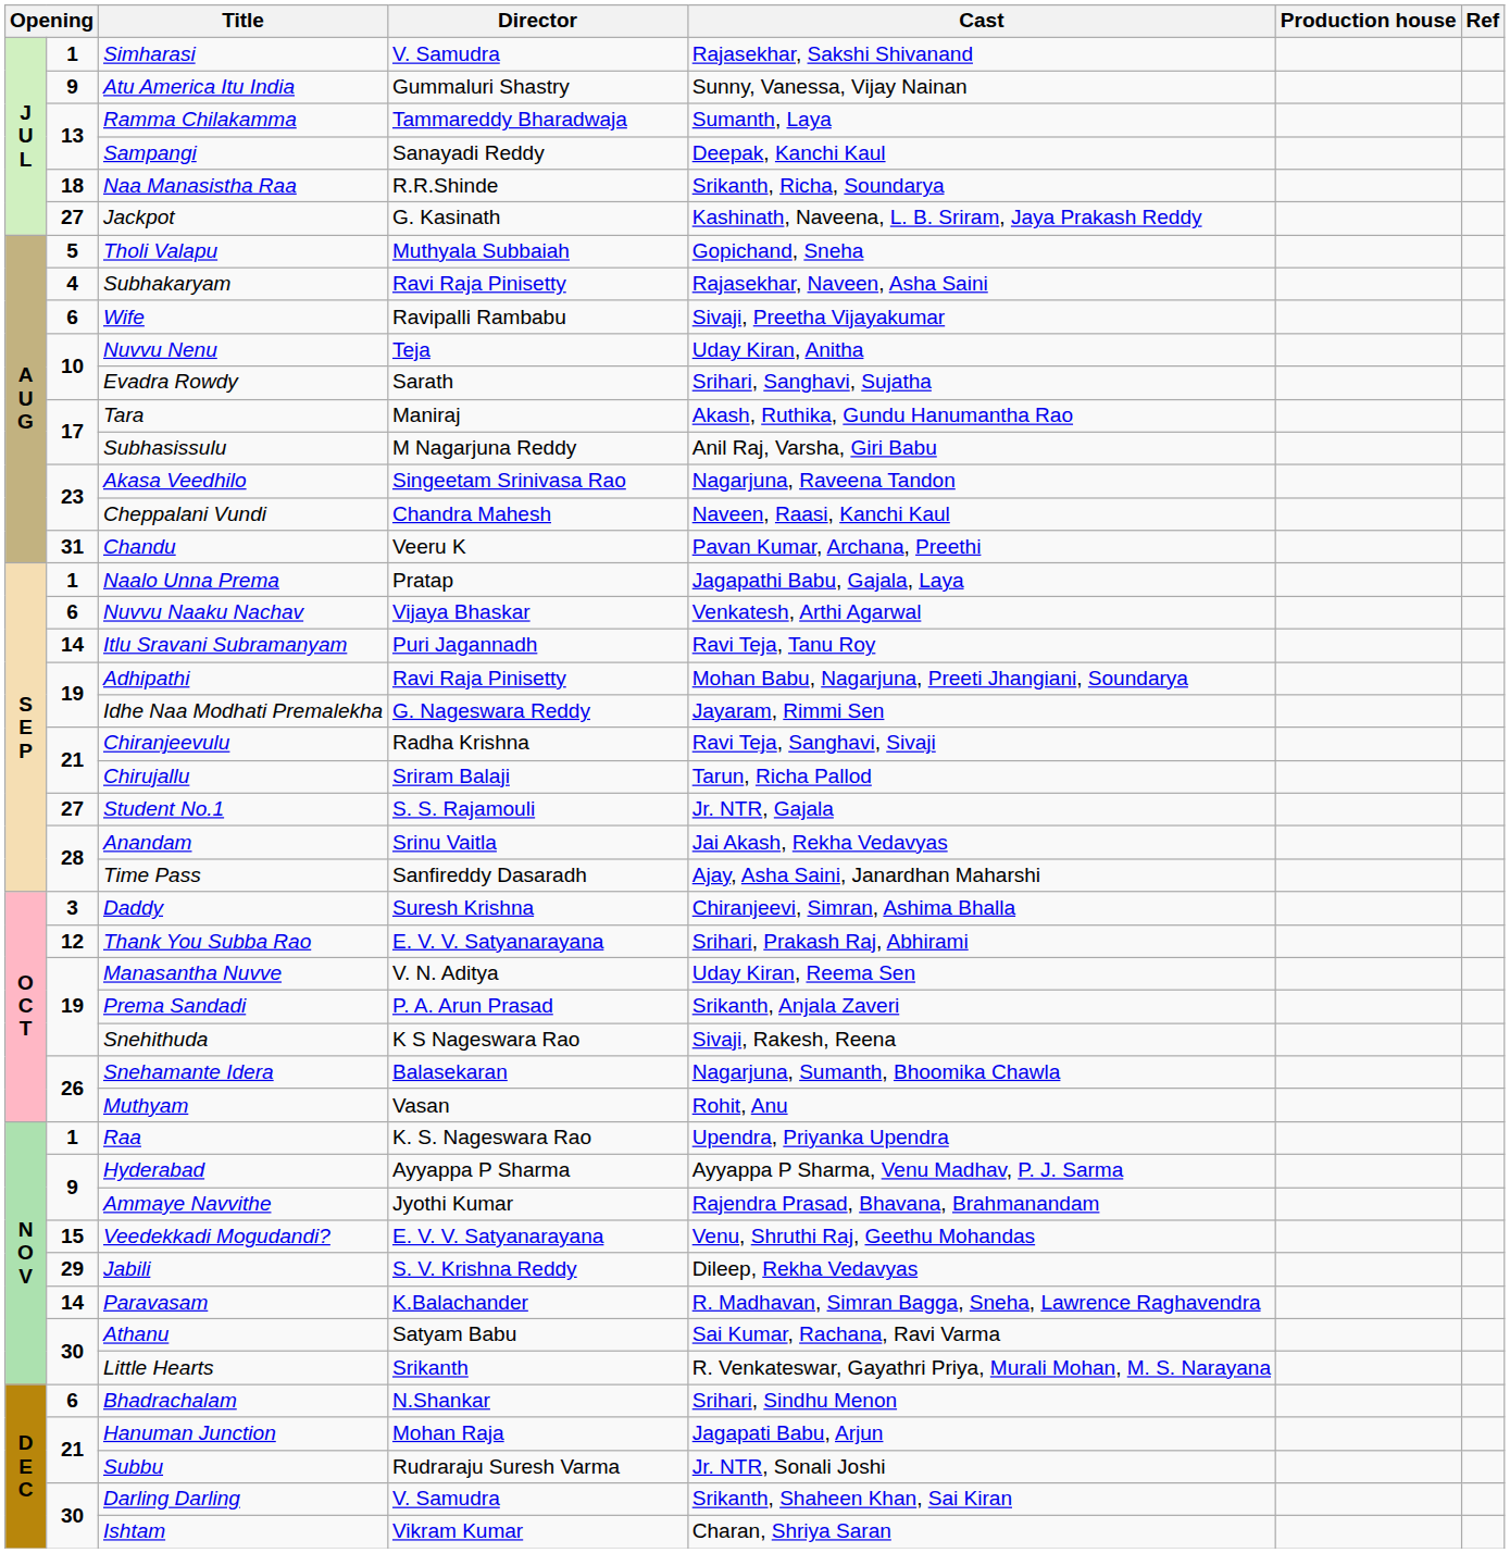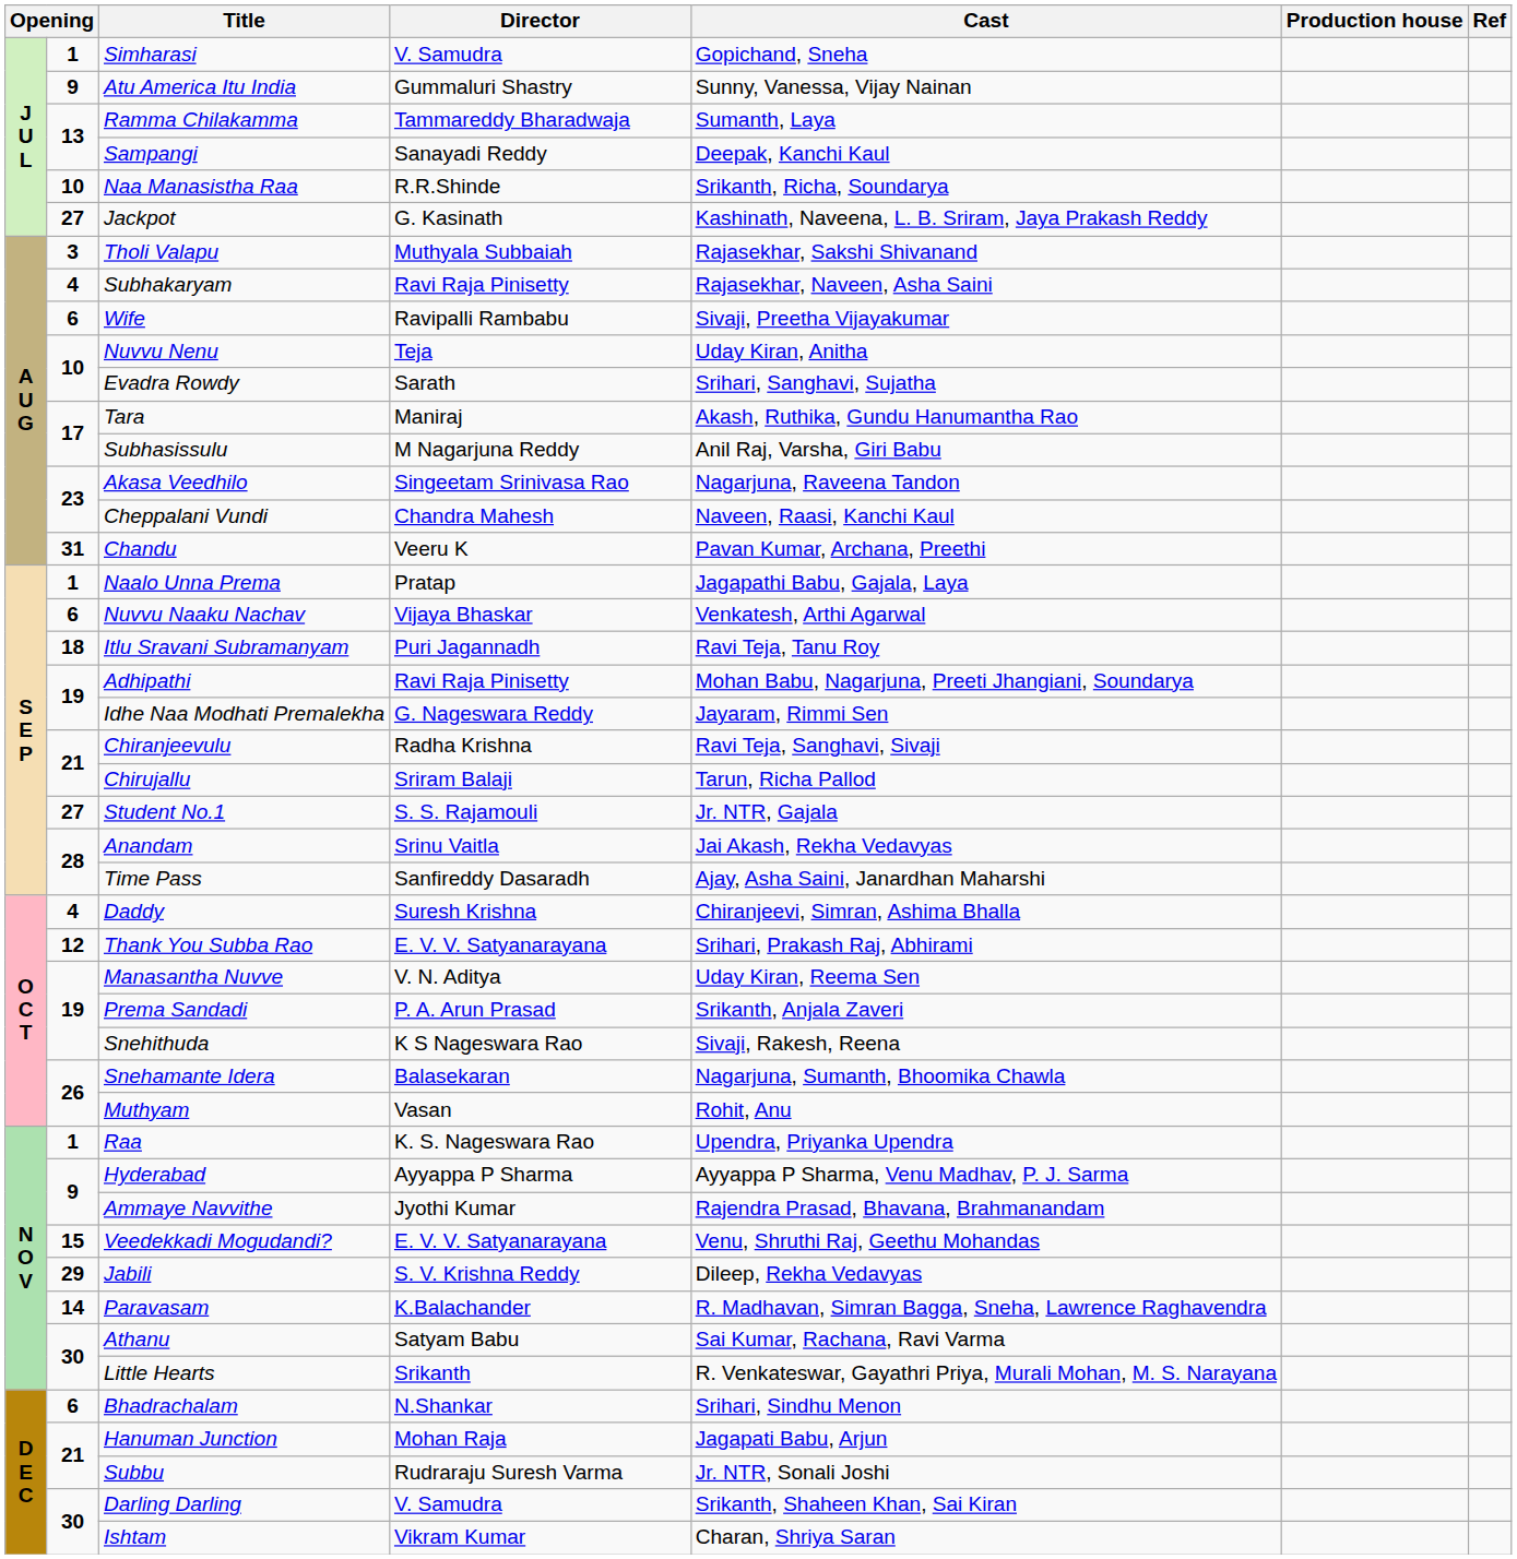 <table class="wikitable sortable">
 <tr style="background:#blue; text-align:center;">
 <th colspan="2">Opening</th>
 <th>Title</th>
 <th style="width:20%;"><strong>Director</strong></th>
 <th>Cast</th>
 <th>Production house</th>
 <th>Ref</th>
 </tr>
 <tr July!>
 <td rowspan="6" style="background:#d0f0c0; textcolor:#000;" valign="center" align="center"><strong>J<br>U<br>L</strong></td>
 <td rowspan="1" align="center"><strong>1</strong></td>
 <td><em><a href='#'>Simharasi</a></em></td>
 <td><a href='#'>V. Samudra</a></td>
-<td><a href='#'>Rajasekhar</a>, <a href='#'>Sakshi Shivanand</a></td>
+<td><a href='#'>Gopichand</a>, <a href='#'>Sneha</a></td>
 <td></td>
 <td></td>
 </tr>
 <tr>
 <td rowspan="1" align="center"><strong>9</strong></td>
 <td><em><a href='#'>Atu America Itu India</a></em></td>
 <td>Gummaluri Shastry</td>
 <td>Sunny, Vanessa, Vijay Nainan</td>
 <td></td>
 <td></td>
 </tr>
 <tr>
 <td rowspan="2" align="center"><strong>13</strong></td>
 <td><em><a href='#'>Ramma Chilakamma</a></em></td>
 <td><a href='#'>Tammareddy Bharadwaja</a></td>
 <td><a href='#'>Sumanth</a>, <a href='#'>Laya</a></td>
 <td></td>
 <td></td>
 </tr>
 <tr>
 <td><em><a href='#'>Sampangi</a></em></td>
 <td>Sanayadi Reddy</td>
 <td><a href='#'>Deepak</a>, <a href='#'>Kanchi Kaul</a></td>
 <td></td>
 <td></td>
 </tr>
 <tr>
-<td rowspan="1" align="center"><strong>18</strong></td>
+<td rowspan="1" align="center"><strong>10</strong></td>
 <td><em><a href='#'>Naa Manasistha Raa</a></em></td>
 <td>R.R.Shinde</td>
 <td><a href='#'>Srikanth</a>, <a href='#'>Richa</a>, <a href='#'>Soundarya</a></td>
 <td></td>
 <td></td>
 </tr>
 <tr>
 <td rowspan="1" align="center"><strong>27</strong></td>
 <td><em>Jackpot</em></td>
 <td>G. Kasinath</td>
 <td><a href='#'>Kashinath</a>, Naveena, <a href='#'>L. B. Sriram</a>, <a href='#'>Jaya Prakash Reddy</a></td>
 <td></td>
 <td></td>
 </tr>
 <tr August!>
 <td rowspan="10" style="background:#C2B280; textcolor:#000;" valign="center" align="center"><strong>A<br>U<br>G</strong></td>
-<td rowspan="1" align="center"><strong>5</strong></td>
+<td rowspan="1" align="center"><strong>3</strong></td>
 <td><em><a href='#'>Tholi Valapu</a></em></td>
 <td><a href='#'>Muthyala Subbaiah</a></td>
-<td><a href='#'>Gopichand</a>, <a href='#'>Sneha</a></td>
+<td><a href='#'>Rajasekhar</a>, <a href='#'>Sakshi Shivanand</a></td>
 <td></td>
 <td></td>
 </tr>
 <tr>
 <td rowspan="1" align="center"><strong>4</strong></td>
 <td><em>Subhakaryam</em></td>
 <td><a href='#'>Ravi Raja Pinisetty</a></td>
 <td><a href='#'>Rajasekhar</a>, <a href='#'>Naveen</a>, <a href='#'>Asha Saini</a></td>
 <td></td>
 <td></td>
 </tr>
 <tr>
 <td rowspan="1" align="center"><strong>6</strong></td>
 <td><em><a href='#'>Wife</a></em></td>
 <td>Ravipalli Rambabu</td>
 <td><a href='#'>Sivaji</a>, <a href='#'>Preetha Vijayakumar</a></td>
 <td></td>
 <td></td>
 </tr>
 <tr>
 <td rowspan="2" align="center"><strong>10</strong></td>
 <td><em><a href='#'>Nuvvu Nenu</a></em></td>
 <td><a href='#'>Teja</a></td>
 <td><a href='#'>Uday Kiran</a>, <a href='#'>Anitha</a></td>
 <td></td>
 <td></td>
 </tr>
 <tr>
 <td><em>Evadra Rowdy</em></td>
 <td>Sarath</td>
 <td><a href='#'>Srihari</a>, <a href='#'>Sanghavi</a>, <a href='#'>Sujatha</a></td>
 <td></td>
 <td></td>
 </tr>
 <tr>
 <td rowspan="2" align="center"><strong>17</strong></td>
 <td><em>Tara</em></td>
 <td>Maniraj</td>
 <td><a href='#'>Akash</a>, <a href='#'>Ruthika</a>, <a href='#'>Gundu Hanumantha Rao</a></td>
 <td></td>
 <td></td>
 </tr>
 <tr>
 <td><em>Subhasissulu</em></td>
 <td>M Nagarjuna Reddy</td>
 <td>Anil Raj, Varsha, <a href='#'>Giri Babu</a></td>
 <td></td>
 <td></td>
 </tr>
 <tr>
 <td rowspan="2" align="center"><strong>23</strong></td>
 <td><em><a href='#'>Akasa Veedhilo</a></em></td>
 <td><a href='#'>Singeetam Srinivasa Rao</a></td>
 <td><a href='#'>Nagarjuna</a>, <a href='#'>Raveena Tandon</a></td>
 <td></td>
 <td></td>
 </tr>
 <tr>
 <td><em>Cheppalani Vundi</em></td>
 <td><a href='#'>Chandra Mahesh</a></td>
 <td><a href='#'>Naveen</a>, <a href='#'>Raasi</a>, <a href='#'>Kanchi Kaul</a></td>
 <td></td>
 <td></td>
 </tr>
 <tr>
 <td rowspan="1" style="text-align:center;"><strong>31</strong></td>
 <td><a href='#'><em>Chandu</em></a></td>
 <td>Veeru K</td>
 <td><a href='#'>Pavan Kumar</a>, <a href='#'>Archana</a>, <a href='#'>Preethi</a></td>
 <td></td>
 <td></td>
 </tr>
 <tr September!>
 <td rowspan="10" style="background:#F5DEB3; textcolor:#000;" valign="center" align="center"><strong>S<br>E<br>P</strong></td>
 <td align="center"><strong>1</strong></td>
 <td><em><a href='#'>Naalo Unna Prema</a></em></td>
 <td>Pratap</td>
 <td><a href='#'>Jagapathi Babu</a>, <a href='#'>Gajala</a>, <a href='#'>Laya</a></td>
 <td></td>
 <td></td>
 </tr>
 <tr>
 <td rowspan="1" align="center"><strong>6</strong></td>
 <td><em><a href='#'>Nuvvu Naaku Nachav</a></em></td>
 <td><a href='#'>Vijaya Bhaskar</a></td>
 <td><a href='#'>Venkatesh</a>, <a href='#'>Arthi Agarwal</a></td>
 <td></td>
 <td></td>
 </tr>
 <tr>
-<td rowspan="1" align="center"><strong>14</strong></td>
+<td rowspan="1" align="center"><strong>18</strong></td>
 <td><em><a href='#'>Itlu Sravani Subramanyam</a></em></td>
 <td><a href='#'>Puri Jagannadh</a></td>
 <td><a href='#'>Ravi Teja</a>, <a href='#'>Tanu Roy</a></td>
 <td></td>
 <td></td>
 </tr>
 <tr>
 <td rowspan="2" align="center"><strong>19</strong></td>
 <td><em><a href='#'>Adhipathi</a></em></td>
 <td><a href='#'>Ravi Raja Pinisetty</a></td>
 <td><a href='#'>Mohan Babu</a>, <a href='#'>Nagarjuna</a>, <a href='#'>Preeti Jhangiani</a>, <a href='#'>Soundarya</a></td>
 <td></td>
 <td></td>
 </tr>
 <tr>
 <td><em>Idhe Naa Modhati Premalekha</em></td>
 <td><a href='#'>G. Nageswara Reddy</a></td>
 <td><a href='#'>Jayaram</a>, <a href='#'>Rimmi Sen</a></td>
 <td></td>
 <td></td>
 </tr>
 <tr>
 <td rowspan="2" align="center"><strong>21</strong></td>
 <td><em><a href='#'>Chiranjeevulu</a></em></td>
 <td>Radha Krishna</td>
 <td><a href='#'>Ravi Teja</a>, <a href='#'>Sanghavi</a>, <a href='#'>Sivaji</a></td>
 <td></td>
 <td></td>
 </tr>
 <tr>
 <td><em><a href='#'>Chirujallu</a></em></td>
 <td><a href='#'>Sriram Balaji</a></td>
 <td><a href='#'>Tarun</a>, <a href='#'>Richa Pallod</a></td>
 <td></td>
 <td></td>
 </tr>
 <tr>
 <td rowspan="1" align="center"><strong>27</strong></td>
 <td><em><a href='#'>Student No.1</a></em></td>
 <td><a href='#'>S. S. Rajamouli</a></td>
 <td><a href='#'>Jr. NTR</a>, <a href='#'>Gajala</a></td>
 <td></td>
 <td></td>
 </tr>
 <tr>
 <td rowspan="2" align="center"><strong>28</strong></td>
 <td><em><a href='#'>Anandam</a></em></td>
 <td><a href='#'>Srinu Vaitla</a></td>
 <td><a href='#'>Jai Akash</a>, <a href='#'>Rekha Vedavyas</a></td>
 <td></td>
 <td></td>
 </tr>
 <tr>
 <td><em>Time Pass</em></td>
 <td>Sanfireddy Dasaradh</td>
 <td><a href='#'>Ajay</a>, <a href='#'>Asha Saini</a>, Janardhan Maharshi</td>
 <td></td>
 <td></td>
 </tr>
 <tr October!>
 <td rowspan="7" style="text-align:center; background:#ffb7c5; textcolor:#000;"><strong>O<br>C<br>T</strong></td>
-<td rowspan="1" align="center"><strong>3</strong></td>
+<td rowspan="1" align="center"><strong>4</strong></td>
 <td><em><a href='#'>Daddy</a></em></td>
 <td><a href='#'>Suresh Krishna</a></td>
 <td><a href='#'>Chiranjeevi</a>, <a href='#'>Simran</a>, <a href='#'>Ashima Bhalla</a></td>
 <td></td>
 <td></td>
 </tr>
 <tr>
 <td rowspan="1" align="center"><strong>12</strong></td>
 <td><em><a href='#'>Thank You Subba Rao</a></em></td>
 <td><a href='#'>E. V. V. Satyanarayana</a></td>
 <td><a href='#'>Srihari</a>, <a href='#'>Prakash Raj</a>, <a href='#'>Abhirami</a></td>
 <td></td>
 <td></td>
 </tr>
 <tr>
 <td rowspan="3" align="center"><strong>19</strong></td>
 <td><em><a href='#'>Manasantha Nuvve</a></em></td>
 <td>V. N. Aditya</td>
 <td><a href='#'>Uday Kiran</a>, <a href='#'>Reema Sen</a></td>
 <td></td>
 <td></td>
 </tr>
 <tr>
 <td><em><a href='#'>Prema Sandadi</a></em></td>
 <td><a href='#'>P. A. Arun Prasad</a></td>
 <td><a href='#'>Srikanth</a>, <a href='#'>Anjala Zaveri</a></td>
 <td></td>
 <td></td>
 </tr>
 <tr>
 <td><em>Snehithuda</em></td>
 <td>K S Nageswara Rao</td>
 <td><a href='#'>Sivaji</a>, Rakesh, Reena</td>
 <td></td>
 <td></td>
 </tr>
 <tr>
 <td rowspan="2" align="center"><strong>26</strong></td>
 <td><em><a href='#'>Snehamante Idera</a></em></td>
 <td><a href='#'>Balasekaran</a></td>
 <td><a href='#'>Nagarjuna</a>, <a href='#'>Sumanth</a>, <a href='#'>Bhoomika Chawla</a></td>
 <td></td>
 <td></td>
 </tr>
 <tr>
 <td><em><a href='#'>Muthyam</a></em></td>
 <td>Vasan</td>
 <td><a href='#'>Rohit</a>, <a href='#'>Anu</a></td>
 <td></td>
 <td></td>
 </tr>
 <tr November!>
 <td rowspan="8" style="background:#ACE1AF; textcolor:#000;" valign="center" align="center"><strong>N<br>O<br>V</strong></td>
 <td rowspan="1" align="center"><strong>1</strong></td>
 <td><em><a href='#'>Raa</a></em></td>
 <td>K. S. Nageswara Rao</td>
 <td><a href='#'>Upendra</a>, <a href='#'>Priyanka Upendra</a></td>
 <td></td>
 <td></td>
 </tr>
 <tr>
 <td rowspan="2" align="center"><strong>9</strong></td>
 <td><em><a href='#'>Hyderabad</a></em></td>
 <td>Ayyappa P Sharma</td>
 <td>Ayyappa P Sharma, <a href='#'>Venu Madhav</a>, <a href='#'>P. J. Sarma</a></td>
 <td></td>
 <td></td>
 </tr>
 <tr>
 <td><em><a href='#'>Ammaye Navvithe</a></em></td>
 <td>Jyothi Kumar</td>
 <td><a href='#'>Rajendra Prasad</a>, <a href='#'>Bhavana</a>, <a href='#'>Brahmanandam</a></td>
 <td></td>
 <td></td>
 </tr>
 <tr>
 <td rowspan="1" align="center"><strong>15</strong></td>
 <td><em><a href='#'>Veedekkadi Mogudandi?</a></em></td>
 <td><a href='#'>E. V. V. Satyanarayana</a></td>
 <td><a href='#'>Venu</a>, <a href='#'>Shruthi Raj</a>, <a href='#'>Geethu Mohandas</a></td>
 <td></td>
 <td></td>
 </tr>
 <tr>
 <td rowspan="1" align="center"><strong>29</strong></td>
 <td><em><a href='#'>Jabili</a></em></td>
 <td><a href='#'>S. V. Krishna Reddy</a></td>
 <td>Dileep, <a href='#'>Rekha Vedavyas</a></td>
 <td></td>
 <td></td>
 </tr>
 <tr>
 <td rowspan="1" align="center"><strong>14</strong></td>
 <td><em><a href='#'>Paravasam</a></em></td>
 <td><a href='#'>K.Balachander</a></td>
 <td><a href='#'>R. Madhavan</a>, <a href='#'>Simran Bagga</a>, <a href='#'>Sneha</a>, <a href='#'>Lawrence Raghavendra</a></td>
 <td></td>
 <td></td>
 </tr>
 <tr>
 <td rowspan="2" align="center"><strong>30</strong></td>
 <td><em><a href='#'>Athanu</a></em></td>
 <td>Satyam Babu</td>
 <td><a href='#'>Sai Kumar</a>, <a href='#'>Rachana</a>, Ravi Varma</td>
 <td></td>
 <td></td>
 </tr>
 <tr>
 <td><em>Little Hearts</em></td>
 <td><a href='#'>Srikanth</a></td>
 <td>R. Venkateswar, Gayathri Priya, <a href='#'>Murali Mohan</a>, <a href='#'>M. S. Narayana</a></td>
 <td></td>
 <td></td>
 </tr>
 <tr December!>
 <td rowspan="11" valign="center" align="center" style="background:#B8860B; textcolor:#000;"><strong>D<br>E<br>C</strong></td>
 <td rowspan="1" align="center"><strong>6</strong></td>
 <td><em><a href='#'>Bhadrachalam</a></em></td>
 <td><a href='#'>N.Shankar</a></td>
 <td><a href='#'>Srihari</a>, <a href='#'>Sindhu Menon</a></td>
 <td></td>
 <td></td>
 </tr>
 <tr>
 <td rowspan="2" align="center"><strong>21</strong></td>
 <td><em><a href='#'>Hanuman Junction</a></em></td>
 <td><a href='#'>Mohan Raja</a></td>
 <td><a href='#'>Jagapati Babu</a>, <a href='#'>Arjun</a></td>
 <td></td>
 <td></td>
 </tr>
 <tr>
 <td><em><a href='#'>Subbu</a></em></td>
 <td>Rudraraju Suresh Varma</td>
 <td><a href='#'>Jr. NTR</a>, Sonali Joshi</td>
 <td></td>
 <td></td>
 </tr>
 <tr>
 <td rowspan="2" align="center"><strong> 30</strong></td>
 <td><em><a href='#'>Darling Darling</a></em></td>
 <td><a href='#'>V. Samudra</a></td>
 <td><a href='#'>Srikanth</a>, <a href='#'>Shaheen Khan</a>, <a href='#'>Sai Kiran</a></td>
 <td></td>
 <td></td>
 </tr>
 <tr>
 <td><em><a href='#'>Ishtam</a></em></td>
 <td><a href='#'>Vikram Kumar</a></td>
 <td>Charan, <a href='#'>Shriya Saran</a></td>
 <td></td>
 <td></td>
 </tr>
 </table>
